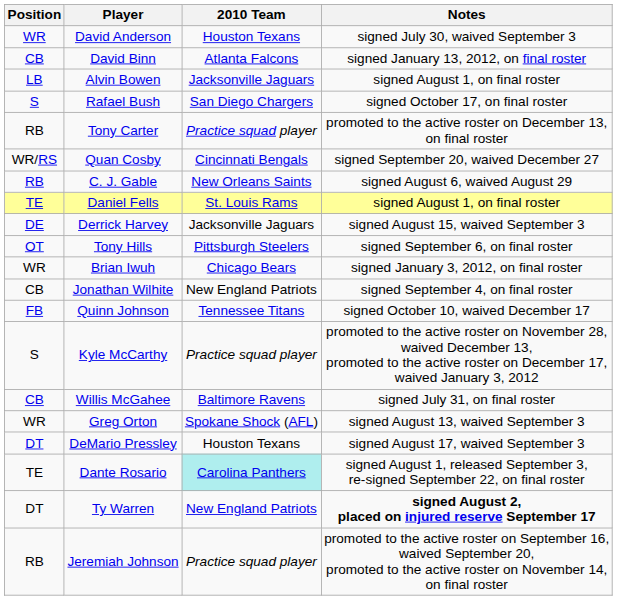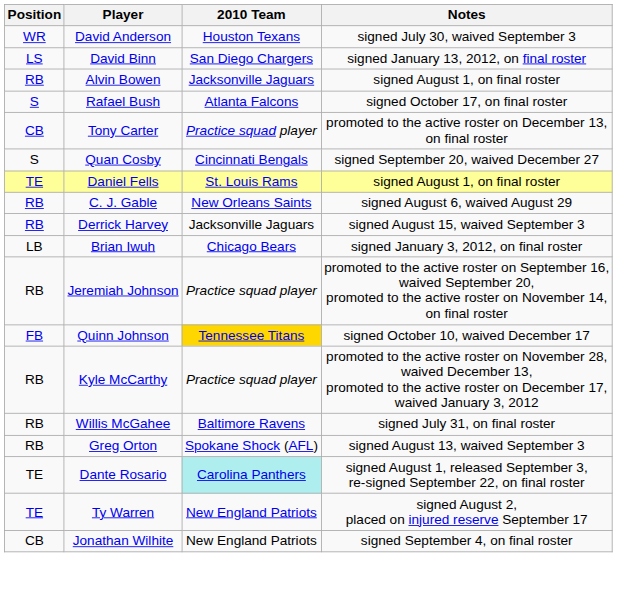 <table class="wikitable" style="text-align:center">
 <tr>
 <th>Position</th>
 <th>Player</th>
 <th>2010 Team</th>
 <th>Notes</th>
 </tr>
 <tr>
 <td><a href='#'>WR</a></td>
 <td><a href='#'>David Anderson</a></td>
 <td><a href='#'>Houston Texans</a></td>
 <td>signed July 30, waived September 3</td>
 </tr>
 <tr>
-<td><a href='#'>CB</a></td>
+<td><a href='#'>LS</a></td>
 <td><a href='#'>David Binn</a></td>
-<td><a href='#'>Atlanta Falcons</a></td>
+<td><a href='#'>San Diego Chargers</a></td>
 <td>signed January 13, 2012, on <a href='#'>final roster</a></td>
 </tr>
 <tr>
-<td><a href='#'>LB</a></td>
+<td><a href='#'>RB</a></td>
 <td><a href='#'>Alvin Bowen</a></td>
 <td><a href='#'>Jacksonville Jaguars</a></td>
 <td>signed August 1, on final roster</td>
 </tr>
 <tr>
 <td><a href='#'>S</a></td>
 <td><a href='#'>Rafael Bush</a></td>
-<td><a href='#'>San Diego Chargers</a></td>
+<td><a href='#'>Atlanta Falcons</a></td>
 <td>signed October 17, on final roster</td>
 </tr>
 <tr>
-<td>RB</td>
+<td><a href='#'>CB</a></td>
 <td><a href='#'>Tony Carter</a></td>
 <td><em><a href='#'>Practice squad</a> player</em></td>
 <td>promoted to the active roster on December 13,<br>on final roster</td>
 </tr>
 <tr>
-<td>WR/<a href='#'>RS</a></td>
+<td>S</td>
 <td><a href='#'>Quan Cosby</a></td>
 <td><a href='#'>Cincinnati Bengals</a></td>
 <td>signed September 20, waived December 27</td>
-</tr>
-<tr>
-<td><a href='#'>RB</a></td>
-<td><a href='#'>C. J. Gable</a></td>
-<td><a href='#'>New Orleans Saints</a></td>
-<td>signed August 6, waived August 29</td>
 </tr>
 <tr style="background:#ff9">
 <td><a href='#'>TE</a></td>
 <td><a href='#'>Daniel Fells</a></td>
 <td><a href='#'>St. Louis Rams</a></td>
 <td>signed August 1, on final roster</td>
 </tr>
 <tr>
-<td><a href='#'>DE</a></td>
+<td><a href='#'>RB</a></td>
+<td><a href='#'>C. J. Gable</a></td>
+<td><a href='#'>New Orleans Saints</a></td>
+<td>signed August 6, waived August 29</td>
+</tr>
+<tr>
+<td><a href='#'>RB</a></td>
 <td><a href='#'>Derrick Harvey</a></td>
 <td>Jacksonville Jaguars</td>
 <td>signed August 15, waived September 3</td>
 </tr>
 <tr>
-<td><a href='#'>OT</a></td>
-<td><a href='#'>Tony Hills</a></td>
-<td><a href='#'>Pittsburgh Steelers</a></td>
-<td>signed September 6, on final roster </td>
-</tr>
-<tr>
-<td>WR</td>
+<td>LB</td>
 <td><a href='#'>Brian Iwuh</a></td>
 <td><a href='#'>Chicago Bears</a></td>
 <td>signed January 3, 2012, on final roster</td>
 </tr>
 <tr>
-<td>CB</td>
-<td><a href='#'>Jonathan Wilhite</a></td>
-<td>New England Patriots</td>
-<td>signed September 4, on final roster</td>
+<td>RB</td>
+<td><a href='#'>Jeremiah Johnson</a></td>
+<td><em>Practice squad player</em></td>
+<td>promoted to the active roster on September 16,<br>waived September 20,<br>promoted to the active roster on November 14,<br>on final roster</td>
 </tr>
 <tr>
 <td><a href='#'>FB</a></td>
 <td><a href='#'>Quinn Johnson</a></td>
-<td><a href='#'>Tennessee Titans</a></td>
+<td style="background: gold;"><a href='#'>Tennessee Titans</a></td>
 <td>signed October 10, waived December 17</td>
 </tr>
 <tr>
-<td>S</td>
+<td>RB</td>
 <td><a href='#'>Kyle McCarthy</a></td>
 <td><em>Practice squad player</em></td>
 <td>promoted to the active roster on November 28,<br>waived December 13,<br>promoted to the active roster on December 17,<br>waived January 3, 2012</td>
 </tr>
 <tr>
-<td><a href='#'>CB</a></td>
+<td>RB</td>
 <td><a href='#'>Willis McGahee</a></td>
 <td><a href='#'>Baltimore Ravens</a></td>
 <td>signed July 31, on final roster</td>
 </tr>
 <tr>
-<td>WR</td>
+<td>RB</td>
 <td><a href='#'>Greg Orton</a></td>
 <td><a href='#'>Spokane Shock</a> (<a href='#'>AFL</a>)</td>
 <td>signed August 13, waived September 3</td>
-</tr>
-<tr>
-<td><a href='#'>DT</a></td>
-<td><a href='#'>DeMario Pressley</a></td>
-<td>Houston Texans </td>
-<td>signed August 17, waived September 3</td>
 </tr>
 <tr>
 <td>TE</td>
 <td><a href='#'>Dante Rosario</a></td>
 <td style="background: paleturquoise;"><a href='#'>Carolina Panthers</a></td>
 <td>signed August 1, released September 3,<br>re-signed September 22, on final roster</td>
 </tr>
 <tr>
-<td>DT</td>
+<td><a href='#'>TE</a></td>
 <td><a href='#'>Ty Warren</a></td>
 <td><a href='#'>New England Patriots</a></td>
-<td><strong>signed August 2,<br>placed on <a href='#'>injured reserve</a> September 17</strong></td>
+<td>signed August 2,<br>placed on <a href='#'>injured reserve</a> September 17</td>
 </tr>
 <tr>
-<td>RB</td>
-<td><a href='#'>Jeremiah Johnson</a></td>
-<td><em>Practice squad player</em></td>
-<td>promoted to the active roster on September 16,<br>waived September 20,<br>promoted to the active roster on November 14,<br>on final roster</td>
+<td>CB</td>
+<td><a href='#'>Jonathan Wilhite</a></td>
+<td>New England Patriots</td>
+<td>signed September 4, on final roster</td>
 </tr>
 </table>
